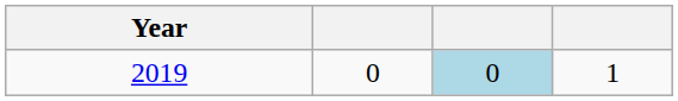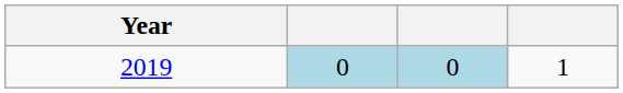 <table class="wikitable" width=30% style="font-size:100%; text-align:center;">
 <tr>
 <th>Year</th>
 <th></th>
 <th></th>
 <th></th>
 </tr>
 <tr>
 <td><a href='#'>2019</a></td>
-<td>0</td>
+<td style="background: lightblue;">0</td>
 <td style="background: lightblue;">0</td>
 <td>1</td>
 </tr>
 </table>
